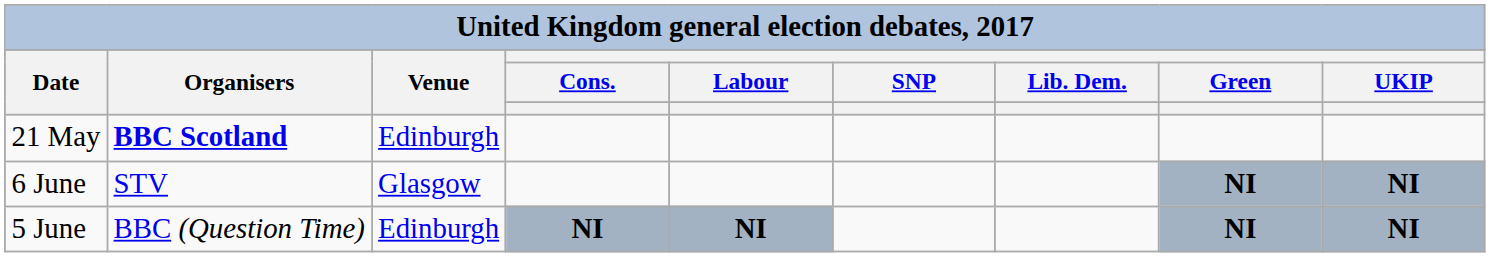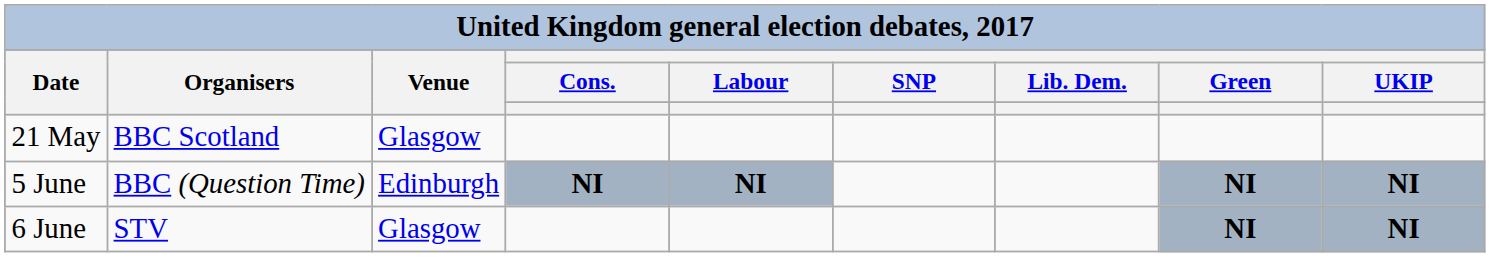 <table class="wikitable">
 <tr>
 <th colspan="9" style="background:#B0C4DE">United Kingdom general election debates, 2017</th>
 </tr>
 <tr style="font-size:small;">
 <th rowspan="3">Date</th>
 <th rowspan="3">Organisers</th>
 <th rowspan="3">Venue</th>
 <th colspan="6" scope="col">       </th>
 </tr>
 <tr style="font-size:small;">
 <th scope="col" style="width:6.5em;"><a href='#'>Cons.</a></th>
 <th scope="col" style="width:6.5em;"><a href='#'>Labour</a></th>
 <th scope="col" style="width:6.5em;"><a href='#'>SNP</a></th>
 <th scope="col" style="width:6.5em;"><a href='#'>Lib. Dem.</a></th>
 <th scope="col" style="width:6.5em;"><a href='#'>Green</a></th>
 <th scope="col" style="width:6.5em;"><a href='#'>UKIP</a></th>
 </tr>
 <tr>
 <th style="background:"></th>
 <th style="background:"></th>
 <th style="background:"></th>
 <th style="background:"></th>
 <th style="background:"></th>
 <th style="background:"></th>
 </tr>
 <tr>
 <td>21 May</td>
-<td><strong><a href='#'>BBC Scotland</a></strong></td>
-<td><a href='#'>Edinburgh</a></td>
+<td><a href='#'>BBC Scotland</a></td>
+<td><a href='#'>Glasgow</a></td>
 <td></td>
 <td></td>
 <td></td>
 <td></td>
 <td></td>
 <td></td>
+</tr>
+<tr>
+<td>5 June</td>
+<td><a href='#'>BBC</a> <em>(Question Time)</em></td>
+<td><a href='#'>Edinburgh</a></td>
+<td style="background:#A2B2C2; color:black; text-align:center;"><strong>NI</strong></td>
+<td style="background:#A2B2C2; color:black; text-align:center;"><strong>NI</strong></td>
+<td></td>
+<td></td>
+<td style="background:#A2B2C2; color:black; text-align:center;"><strong>NI</strong></td>
+<td style="background:#A2B2C2; color:black; text-align:center;"><strong>NI</strong></td>
 </tr>
 <tr>
 <td>6 June</td>
 <td><a href='#'>STV</a></td>
 <td><a href='#'>Glasgow</a></td>
 <td></td>
 <td></td>
 <td></td>
 <td></td>
 <td style="background:#A2B2C2; color:black; text-align:center;"><strong>NI</strong></td>
 <td style="background:#A2B2C2; color:black; text-align:center;"><strong>NI</strong></td>
 </tr>
-<tr>
-<td>5 June</td>
-<td><a href='#'>BBC</a> <em>(Question Time)</em></td>
-<td><a href='#'>Edinburgh</a></td>
-<td style="background:#A2B2C2; color:black; text-align:center;"><strong>NI</strong></td>
-<td style="background:#A2B2C2; color:black; text-align:center;"><strong>NI</strong></td>
-<td></td>
-<td></td>
-<td style="background:#A2B2C2; color:black; text-align:center;"><strong>NI</strong></td>
-<td style="background:#A2B2C2; color:black; text-align:center;"><strong>NI</strong></td>
-</tr>
 </table>
